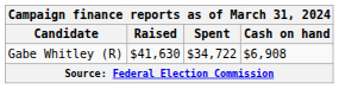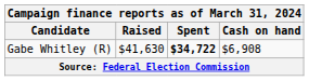 <table class="wikitable sortable">
 <tr>
 <th colspan=4>Campaign finance reports as of March 31, 2024</th>
 </tr>
 <tr style="text-align:center;">
 <th>Candidate</th>
 <th>Raised</th>
 <th>Spent</th>
 <th>Cash on hand</th>
 </tr>
 <tr>
 <td>Gabe Whitley (R)</td>
 <td>$41,630</td>
-<td>$34,722</td>
+<td><strong>$34,722</strong></td>
 <td>$6,908</td>
 </tr>
 <tr>
 <th colspan="4"><small>Source: <a href='#'>Federal Election Commission</a> </small></th>
 </tr>
 </table>
